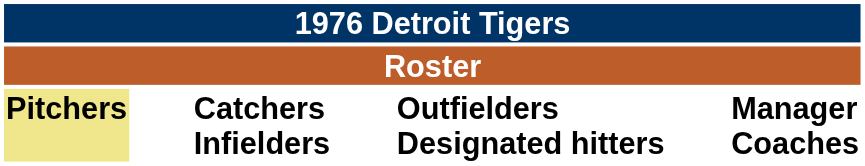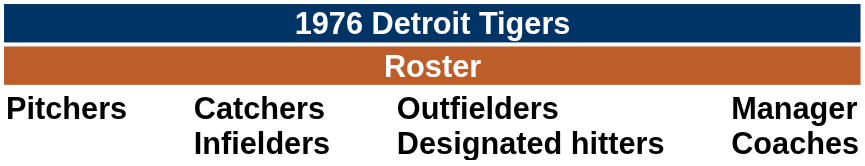 <table class="toccolours" style="font-size: 95%;">
 <tr>
 <th colspan="10" style="background-color: #003366; color: white; text-align: center;">1976 Detroit Tigers</th>
 </tr>
 <tr>
 <td colspan="10" style="background-color: #bd5d29; color: white; text-align: center;"><strong>Roster</strong></td>
 </tr>
 <tr>
-<td valign="top" style="background: khaki;"><strong>Pitchers</strong><br>           </td>
+<td valign="top"><strong>Pitchers</strong><br>           </td>
 <td width="25px"></td>
 <td valign="top"><strong>Catchers</strong><br>    <strong>Infielders</strong>         </td>
 <td width="25px"></td>
 <td valign="top"><strong>Outfielders</strong><br>       <strong>Designated hitters</strong> </td>
 <td width="25px"></td>
 <td valign="top"><strong>Manager</strong><br> <strong>Coaches</strong>    </td>
 </tr>
 <tr>
 </tr>
 </table>
